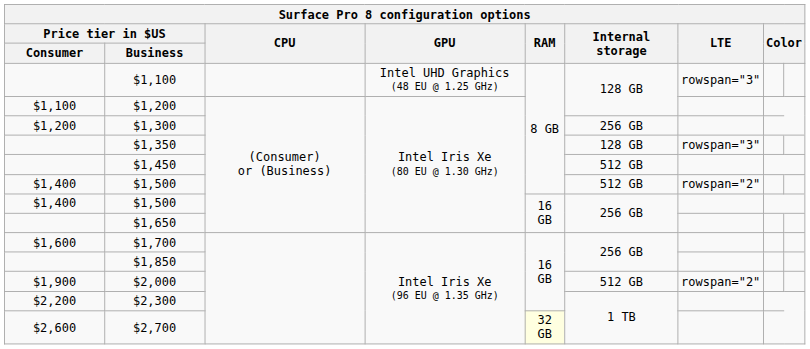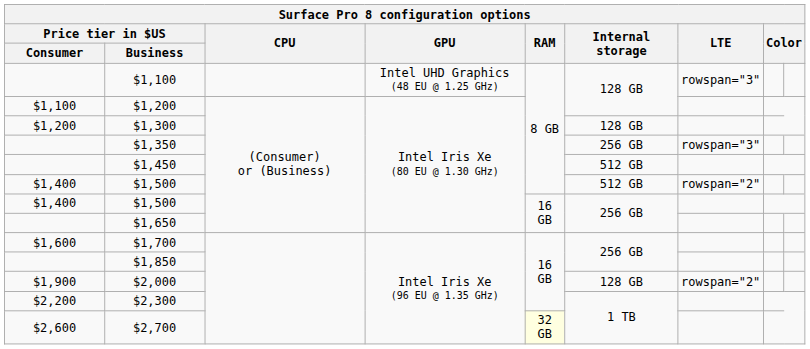 <table class="wikitable sortable" style="text-align:center;" align="center" text-align="center">
 <tr>
 <th colspan="9">Surface Pro 8 configuration options</th>
 </tr>
 <tr>
 <th colspan="2" scope="col" width="25%">Price tier in $US</th>
 <th rowspan="2" scope="col" width="20%">CPU</th>
 <th rowspan="2" scope="col" width="20%">GPU</th>
 <th rowspan="2">RAM</th>
 <th rowspan="2" scope="col">Internal storage</th>
 <th rowspan="2">LTE</th>
 <th colspan="2" rowspan="2">Color</th>
 </tr>
 <tr>
 <th>Consumer</th>
 <th>Business</th>
 </tr>
 <tr>
 <td></td>
 <td>$1,100</td>
 <td></td>
 <td>Intel UHD Graphics<br><small>(48 EU @ 1.25 GHz)</small></td>
 <td rowspan="6">8 GB</td>
 <td rowspan="2">128 GB</td>
 <td>rowspan="3" </td>
 <td style="border-style: solid solid solid none"></td>
 <td></td>
 </tr>
 <tr>
 <td>$1,100</td>
 <td>$1,200</td>
 <td rowspan="7">(Consumer)<br>or  (Business)</td>
 <td rowspan="7">Intel Iris Xe<br><small>(80 EU @ 1.30 GHz)</small></td>
 <td></td>
 <td style="border-style: solid none solid solid"></td>
 </tr>
 <tr>
 <td>$1,200</td>
 <td>$1,300</td>
-<td>256 GB</td>
+<td>128 GB</td>
 <td style="border-style: solid solid solid none"></td>
 <td style="border-style: solid none solid solid"></td>
 </tr>
 <tr>
 <td></td>
 <td>$1,350</td>
-<td>128 GB</td>
+<td>256 GB</td>
 <td>rowspan="3" </td>
 <td></td>
 <td style="border-style: solid none solid solid"></td>
 </tr>
 <tr>
 <td></td>
 <td>$1,450</td>
 <td>512 GB</td>
 <td></td>
 <td style="border-style: solid none solid solid"></td>
 </tr>
 <tr>
 <td>$1,400</td>
 <td>$1,500</td>
 <td>512 GB</td>
 <td>rowspan="2" </td>
 <td style="border-style: solid solid solid none"></td>
 <td style="border-style: solid none solid solid"></td>
 </tr>
 <tr>
 <td>$1,400</td>
 <td>$1,500</td>
 <td rowspan="2">16 GB</td>
 <td rowspan="2">256 GB</td>
 <td style="border-style: solid solid solid none"></td>
 <td style="border-style: solid none solid solid"></td>
 </tr>
 <tr>
 <td></td>
 <td>$1,650</td>
 <td></td>
 <td></td>
 <td style="border-style: solid none solid solid"></td>
 </tr>
 <tr>
 <td>$1,600</td>
 <td>$1,700</td>
 <td rowspan="5"></td>
 <td rowspan="5">Intel Iris Xe<br><small>(96 EU @ 1.35 GHz)</small></td>
 <td rowspan="4">16 GB</td>
 <td rowspan="2">256 GB</td>
 <td></td>
 <td style="border-style: solid solid solid none"></td>
 <td style="border-style: solid none solid solid"></td>
 </tr>
 <tr>
 <td></td>
 <td>$1,850</td>
 <td></td>
 <td></td>
 <td style="border-style: solid none solid solid"></td>
 </tr>
 <tr>
 <td>$1,900</td>
 <td>$2,000</td>
-<td>512 GB</td>
+<td>128 GB</td>
 <td>rowspan="2" </td>
 <td style="border-style: solid solid solid none"></td>
 <td style="border-style: solid none solid solid"></td>
 </tr>
 <tr>
 <td>$2,200</td>
 <td>$2,300</td>
 <td rowspan="2">1 TB</td>
 <td></td>
 <td style="border-style: solid none solid solid"></td>
 </tr>
 <tr>
 <td>$2,600</td>
 <td>$2,700</td>
 <td style="background: lightyellow;">32 GB</td>
 <td></td>
 <td style="border-style: solid none solid solid"></td>
 </tr>
 </table>
